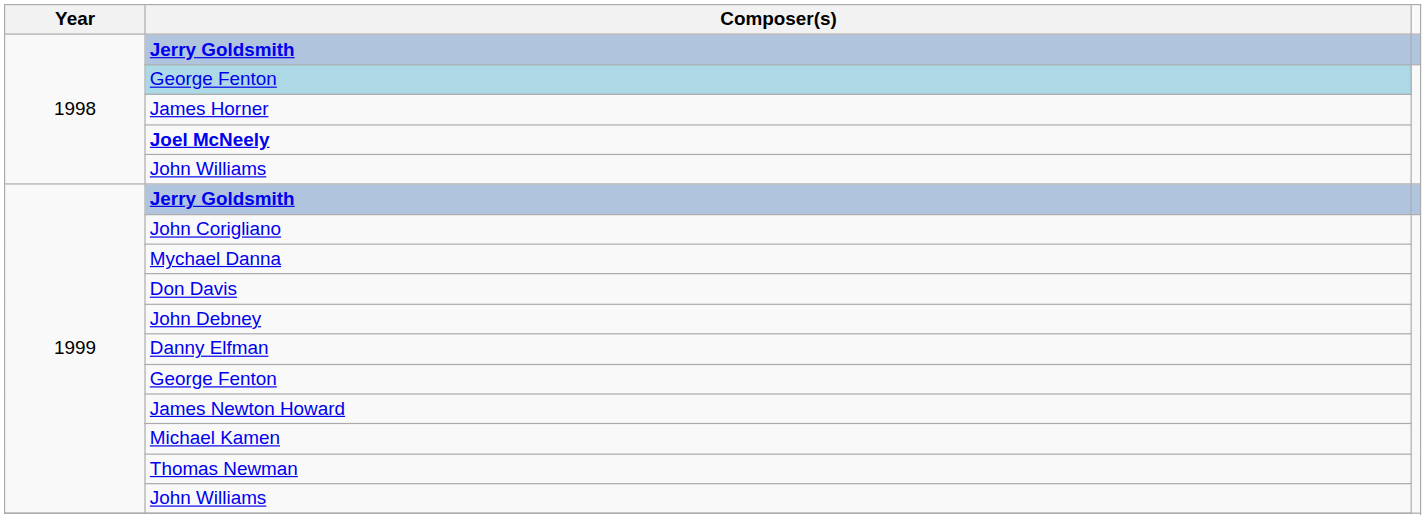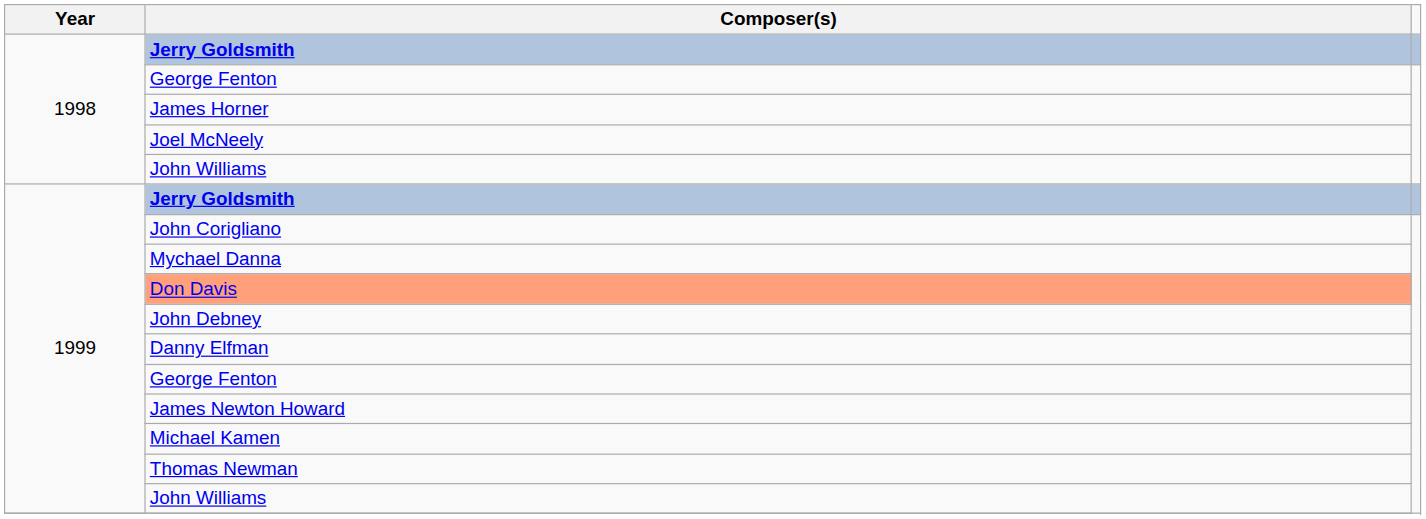 <table class="wikitable" width="95%" cellpadding="5">
 <tr>
 <th width="10%">Year</th>
 <th width="90%">Composer(s)</th>
 </tr>
 <tr>
 <td rowspan="5" style="text-align:center;">1998<br></td>
 <td style="background:#B0C4DE;"><strong><a href='#'>Jerry Goldsmith</a></strong></td>
 <td style="background:#B0C4DE;"></td>
 </tr>
 <tr>
-<td style="background: lightblue;"><a href='#'>George Fenton</a></td>
+<td><a href='#'>George Fenton</a></td>
 </tr>
 <tr>
 <td><a href='#'>James Horner</a></td>
 </tr>
 <tr>
-<td><strong><a href='#'>Joel McNeely</a></strong></td>
+<td><a href='#'>Joel McNeely</a></td>
 </tr>
 <tr>
 <td><a href='#'>John Williams</a></td>
 </tr>
 <tr>
 <td rowspan="11" style="text-align:center;">1999<br></td>
 <td style="background:#B0C4DE;"><strong><a href='#'>Jerry Goldsmith</a></strong></td>
 <td style="background:#B0C4DE;"></td>
 </tr>
 <tr>
 <td><a href='#'>John Corigliano</a></td>
 </tr>
 <tr>
 <td><a href='#'>Mychael Danna</a></td>
 </tr>
 <tr>
-<td><a href='#'>Don Davis</a></td>
+<td style="background: lightsalmon;"><a href='#'>Don Davis</a></td>
 </tr>
 <tr>
 <td><a href='#'>John Debney</a></td>
 </tr>
 <tr>
 <td><a href='#'>Danny Elfman</a></td>
 </tr>
 <tr>
 <td><a href='#'>George Fenton</a></td>
 </tr>
 <tr>
 <td><a href='#'>James Newton Howard</a></td>
 </tr>
 <tr>
 <td><a href='#'>Michael Kamen</a></td>
 </tr>
 <tr>
 <td><a href='#'>Thomas Newman</a></td>
 </tr>
 <tr>
 <td><a href='#'>John Williams</a></td>
 </tr>
 <tr>
 </tr>
 </table>
